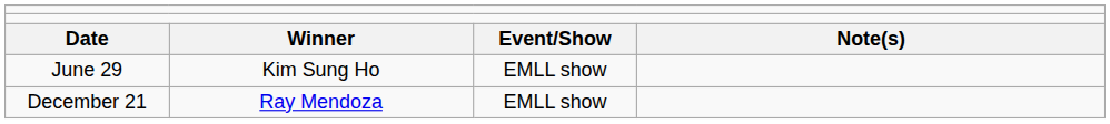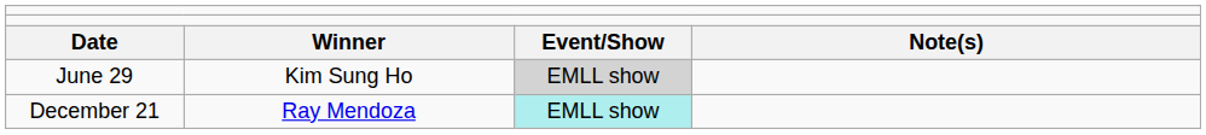 <table class="wikitable" style="text-align:center; width:100%;">
 <tr>
 <td colspan=5></td>
 </tr>
 <tr>
 <td colspan=5><strong></strong></td>
 </tr>
 <tr>
 <th width=14%>Date</th>
 <th width=26%>Winner</th>
 <th width=14%>Event/Show</th>
 <th width=40%>Note(s)</th>
 </tr>
 <tr>
 <td>June 29</td>
 <td>Kim Sung Ho</td>
-<td>EMLL show</td>
+<td style="background: lightgrey;">EMLL show</td>
 <td></td>
 </tr>
 <tr>
 <td>December 21</td>
 <td><a href='#'>Ray Mendoza</a></td>
-<td>EMLL show</td>
+<td style="background: paleturquoise;">EMLL show</td>
 <td></td>
 </tr>
 </table>
